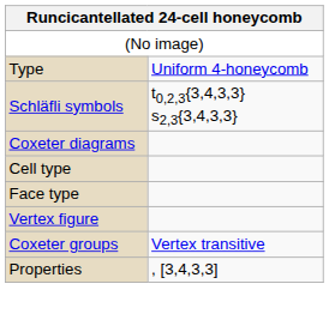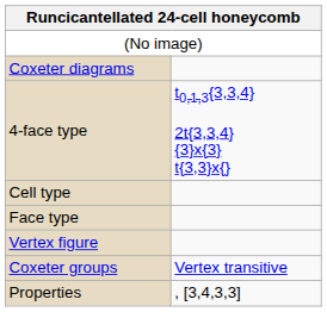 <table class="wikitable" align="right" style="margin-left:10px" width="320">
 <tr>
 <th bgcolor=#e7dcc3 colspan=2>Runcicantellated 24-cell honeycomb</th>
 </tr>
 <tr>
 <td bgcolor=#ffffff align=center colspan=2>(No image)</td>
 </tr>
 <tr>
-<td bgcolor=#e7dcc3>Type</td>
-<td><a href='#'>Uniform 4-honeycomb</a></td>
+<td bgcolor=#e7dcc3><a href='#'>Coxeter diagrams</a></td>
+<td><br></td>
 </tr>
 <tr>
-<td bgcolor=#e7dcc3><a href='#'>Schläfli symbols</a></td>
-<td>t<sub>0,2,3</sub>{3,4,3,3}<br>s<sub>2,3</sub>{3,4,3,3}</td>
-</tr>
-<tr>
-<td bgcolor=#e7dcc3><a href='#'>Coxeter diagrams</a></td>
-<td><br></td>
+<td bgcolor=#e7dcc3>4-face type</td>
+<td><a href='#'>t<sub>0,1,3</sub>{3,3,4}</a> <br><br><a href='#'>2t{3,3,4}</a> <br> <a href='#'>{3}x{3}</a> <br> <a href='#'>t{3,3}x{}</a> </td>
 </tr>
 <tr>
 <td bgcolor=#e7dcc3>Cell type</td>
 <td></td>
 </tr>
 <tr>
 <td bgcolor=#e7dcc3>Face type</td>
 <td></td>
 </tr>
 <tr>
 <td bgcolor=#e7dcc3><a href='#'>Vertex figure</a></td>
 <td></td>
 </tr>
 <tr>
 <td bgcolor=#e7dcc3><a href='#'>Coxeter groups</a></td>
 <td><a href='#'>Vertex transitive</a></td>
 </tr>
 <tr>
 <td bgcolor=#e7dcc3>Properties</td>
 <td>, [3,4,3,3]</td>
 </tr>
 </table>
